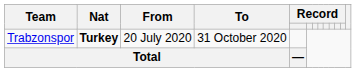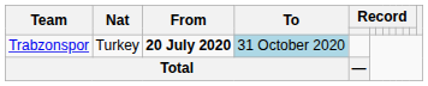 <table class="wikitable" style="text-align: center">
 <tr>
 <th rowspan="2">Team</th>
 <th rowspan="2">Nat</th>
 <th rowspan="2">From</th>
 <th rowspan="2">To</th>
 <th colspan="8">Record</th>
 <th rowspan=2></th>
 </tr>
 <tr>
 <th></th>
 <th></th>
 <th></th>
 <th></th>
 <th></th>
 <th></th>
 <th></th>
 <th></th>
 </tr>
 <tr>
 <td align=left><a href='#'>Trabzonspor</a></td>
-<td><strong>Turkey</strong></td>
-<td align=left>20 July 2020</td>
-<td align=left>31 October 2020<br></td>
+<td>Turkey</td>
+<td align=left><strong>20 July 2020</strong></td>
+<td align=left style="background: lightblue;">31 October 2020<br></td>
 <td></td>
 </tr>
 <tr>
 <th colspan="4">Total<br></th>
 <th>—</th>
 </tr>
 </table>
